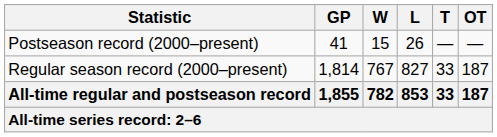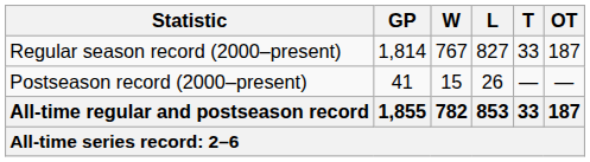 <table class="wikitable" style="text-align:center; font-size:95%">
 <tr>
 <th>Statistic</th>
 <th>GP</th>
 <th>W</th>
 <th>L</th>
 <th>T</th>
 <th>OT</th>
 </tr>
 <tr>
+<td style="text-align:left;">Regular season record (2000–present)</td>
+<td>1,814</td>
+<td>767</td>
+<td>827</td>
+<td>33</td>
+<td>187</td>
+</tr>
+<tr>
 <td style="text-align:left;">Postseason record (2000–present)</td>
 <td>41</td>
 <td>15</td>
 <td>26</td>
 <td>—</td>
 <td>—</td>
-</tr>
-<tr>
-<td style="text-align:left;">Regular season record (2000–present)</td>
-<td>1,814</td>
-<td>767</td>
-<td>827</td>
-<td>33</td>
-<td>187</td>
 </tr>
 <tr>
 <th style="text-align:left;">All-time regular and postseason record</th>
 <th>1,855</th>
 <th>782</th>
 <th>853</th>
 <th>33</th>
 <th>187</th>
 </tr>
 <tr>
 <th colspan="6" style="text-align:left; font-size:95%">All-time series record: 2–6</th>
 </tr>
 </table>
